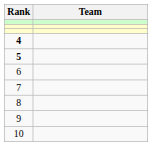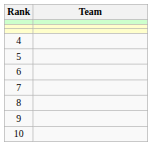 <table class="wikitable" style="text-align: center;">
 <tr>
 <th width=40>Rank</th>
 <th width=180>Team</th>
 </tr>
 <tr bgcolor=#ccffcc>
 <td></td>
 <td style="text-align:left;"></td>
 </tr>
 <tr bgcolor=#ffffcc>
 <td></td>
 <td style="text-align:left;"></td>
 </tr>
 <tr bgcolor=#ffffcc>
 <td></td>
 <td style="text-align:left;"></td>
 </tr>
 <tr align=center>
-<td><strong>4</strong></td>
+<td>4</td>
 <td style="text-align:left;"></td>
 </tr>
 <tr align=center>
-<td><strong>5</strong></td>
+<td>5</td>
 <td style="text-align:left;"></td>
 </tr>
 <tr align=center>
 <td>6</td>
 <td style="text-align:left;"></td>
 </tr>
 <tr align=center>
 <td>7</td>
 <td style="text-align:left;"></td>
 </tr>
 <tr align=center>
 <td>8</td>
 <td style="text-align:left;"></td>
 </tr>
 <tr align=center>
 <td>9</td>
 <td style="text-align:left;"></td>
 </tr>
 <tr align=center>
 <td>10</td>
 <td style="text-align:left;"></td>
 </tr>
 </table>
